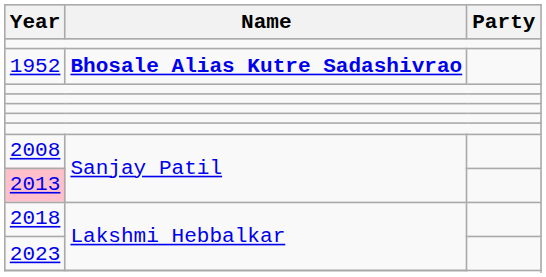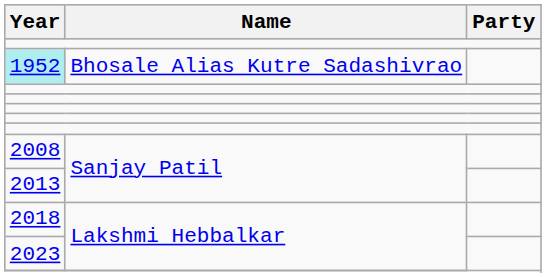 <table class="wikitable">
 <tr>
 <th>Year</th>
 <th>Name</th>
 <th colspan=2>Party</th>
 </tr>
 <tr>
 <td colspan="4"></td>
 </tr>
 <tr>
-<td><a href='#'>1952</a></td>
-<td><strong><a href='#'>Bhosale Alias Kutre Sadashivrao</a></strong></td>
+<td style="background: paleturquoise;"><a href='#'>1952</a></td>
+<td><a href='#'>Bhosale Alias Kutre Sadashivrao</a></td>
 <td></td>
 </tr>
 <tr>
 <td colspan="4"></td>
 </tr>
 <tr>
 <td colspan="4"></td>
 </tr>
 <tr>
 <td colspan="4"></td>
 </tr>
 <tr>
 <td colspan="4"></td>
 </tr>
 <tr>
 <td colspan="4"></td>
 </tr>
 <tr>
 <td><a href='#'>2008</a></td>
 <td rowspan=2><a href='#'>Sanjay Patil</a></td>
 <td></td>
 </tr>
 <tr>
-<td style="background: pink;"><a href='#'>2013</a></td>
+<td><a href='#'>2013</a></td>
 </tr>
 <tr>
 <td><a href='#'>2018</a></td>
 <td rowspan=2><a href='#'>Lakshmi Hebbalkar</a></td>
 <td></td>
 </tr>
 <tr>
 <td><a href='#'>2023</a></td>
 </tr>
 <tr>
 </tr>
 </table>
